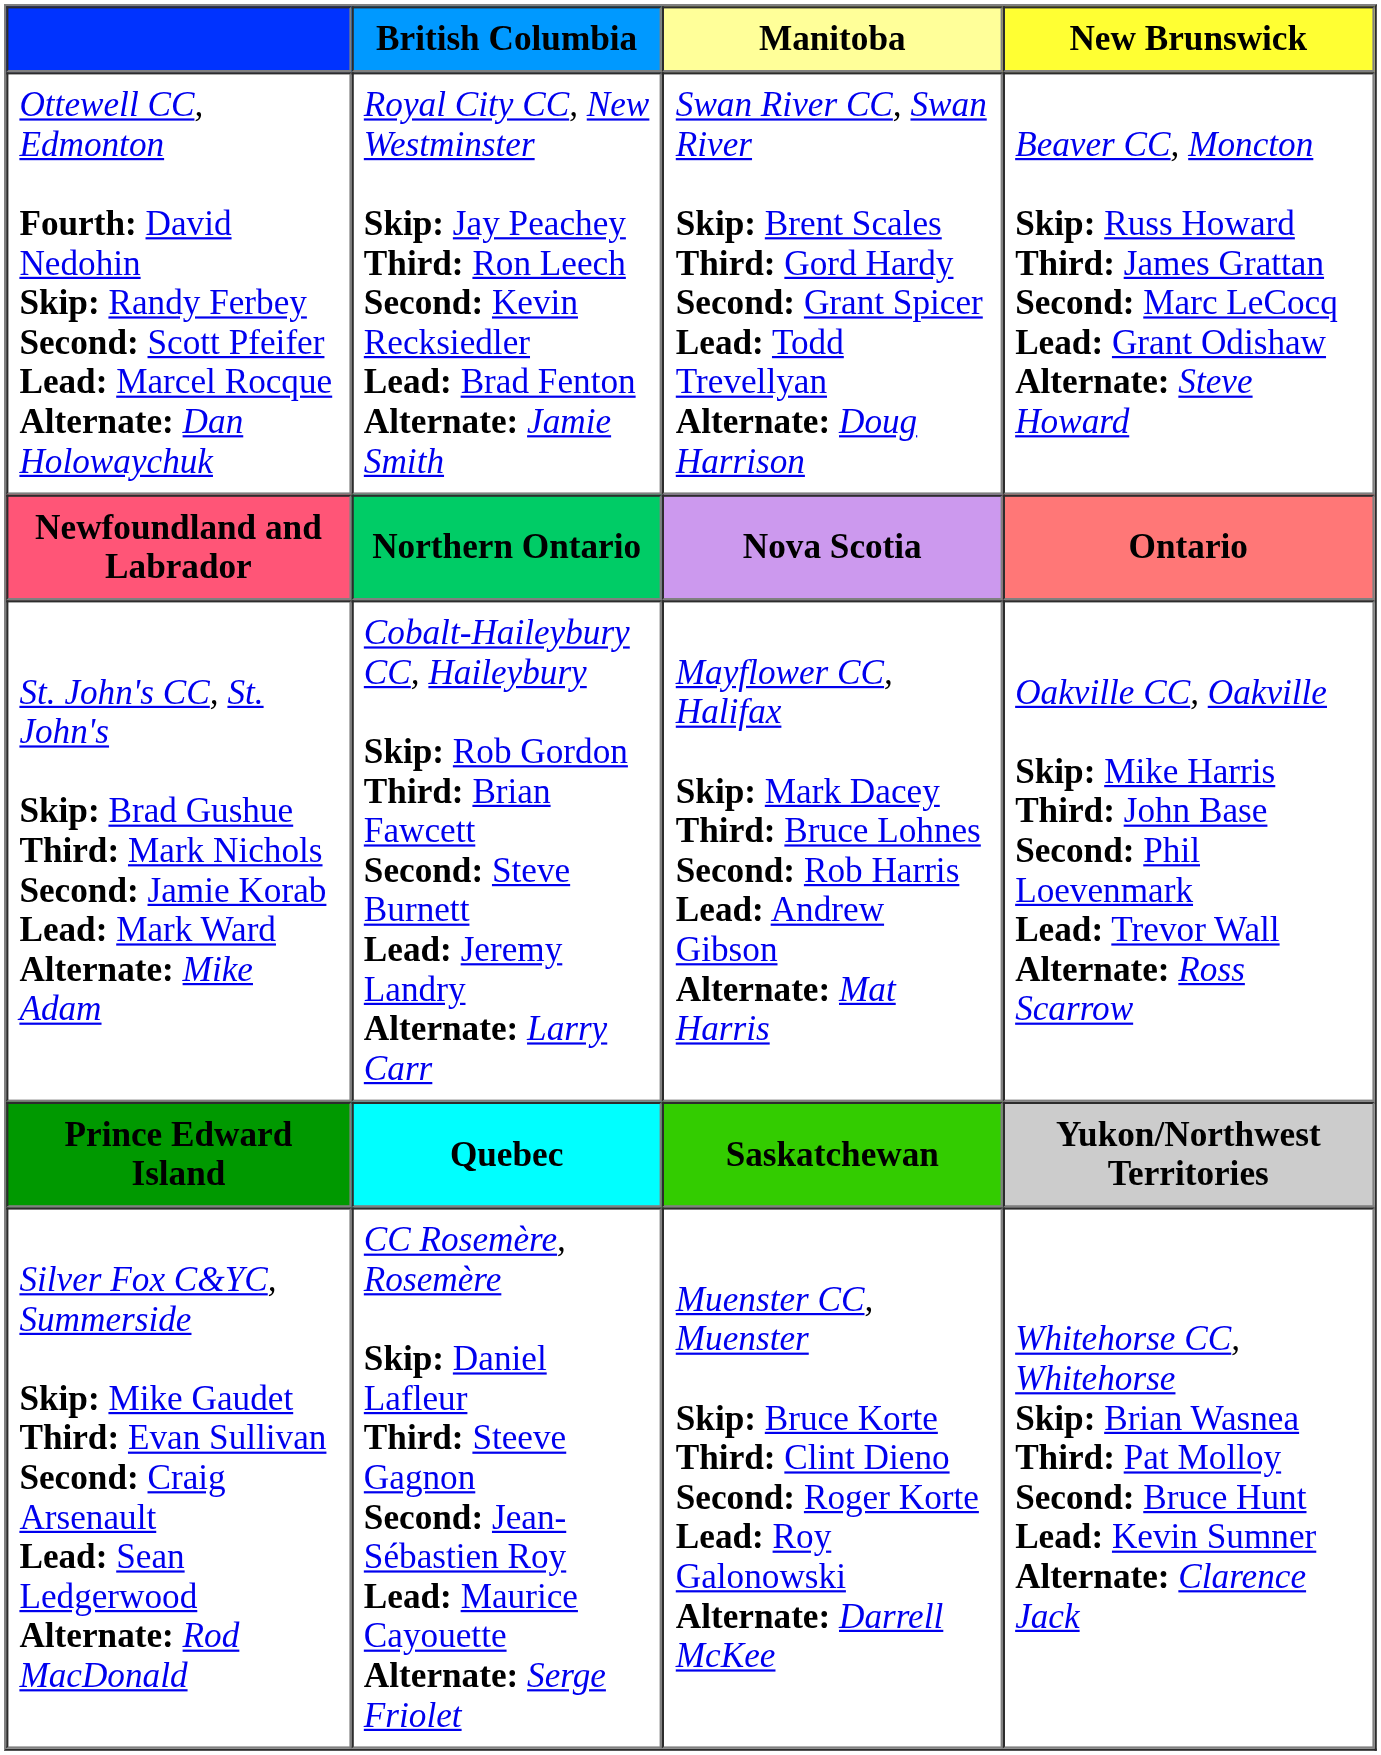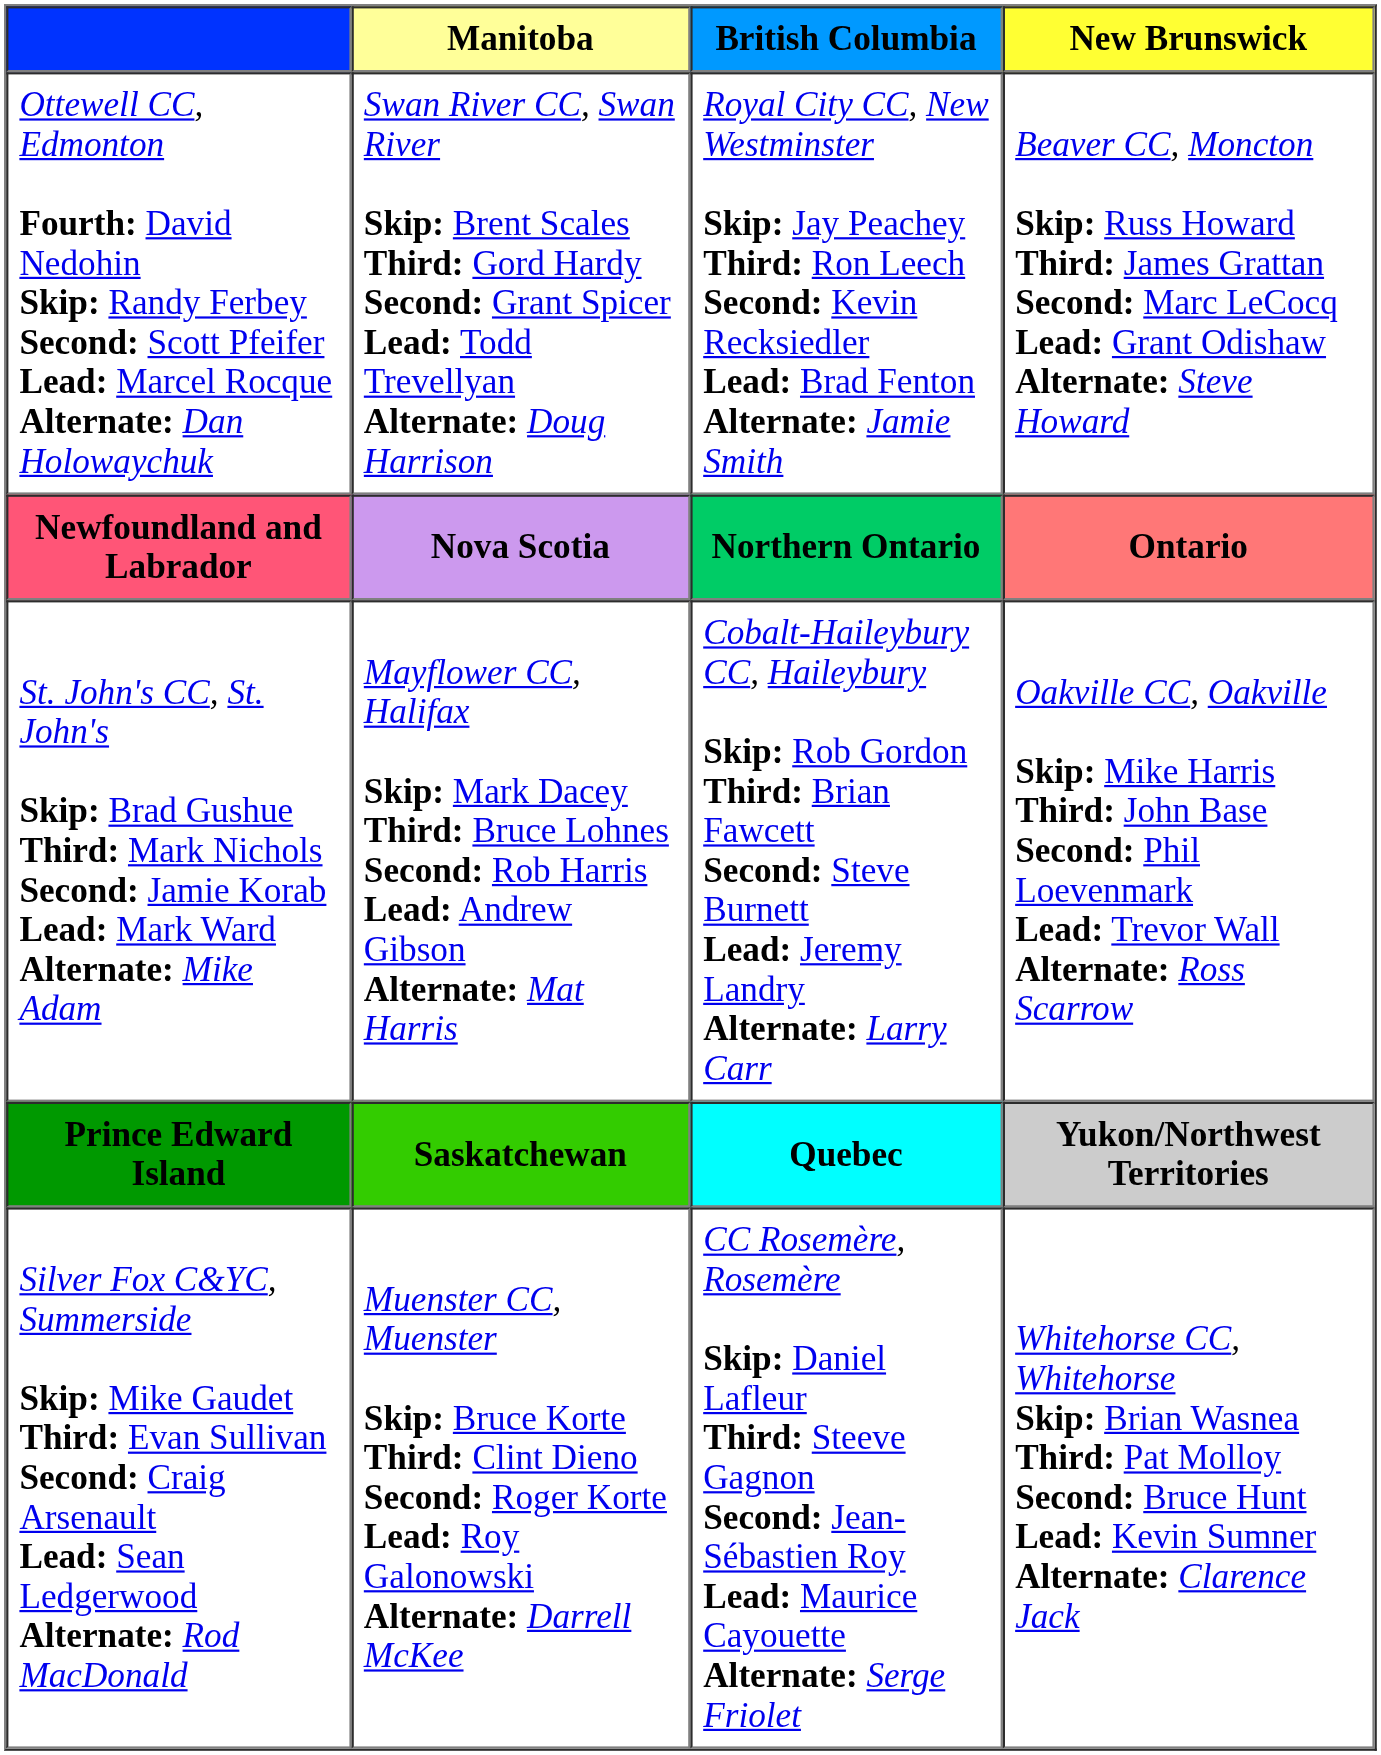 <table border=1 cellpadding=5 cellspacing=0>
 <tr>
 <th bgcolor="#0033ff" width="225"></th>
+<th bgcolor="#ffff99" width="225">Manitoba</th>
 <th bgcolor="#0099ff" width="225">British Columbia</th>
-<th bgcolor="#ffff99" width="225">Manitoba</th>
 <th bgcolor="#ffff33" width="225">New Brunswick</th>
 </tr>
 <tr align=center>
 <td align=left><em><a href='#'>Ottewell CC</a>, <a href='#'>Edmonton</a></em> <br><br><strong>Fourth:</strong> <a href='#'>David Nedohin</a> <br> <strong>Skip:</strong> <a href='#'>Randy Ferbey</a> <br> <strong>Second:</strong> <a href='#'>Scott Pfeifer</a> <br> <strong>Lead:</strong> <a href='#'>Marcel Rocque</a> <br> <strong>Alternate:</strong> <em><a href='#'>Dan Holowaychuk</a></em></td>
+<td align=left><em><a href='#'>Swan River CC</a>, <a href='#'>Swan River</a></em> <br><br><strong>Skip:</strong> <a href='#'>Brent Scales</a> <br> <strong>Third:</strong> <a href='#'>Gord Hardy</a> <br> <strong>Second:</strong> <a href='#'>Grant Spicer</a> <br> <strong>Lead:</strong> <a href='#'>Todd Trevellyan</a> <br> <strong>Alternate:</strong> <em><a href='#'>Doug Harrison</a></em></td>
 <td align=left><em><a href='#'>Royal City CC</a>, <a href='#'>New Westminster</a></em> <br><br><strong>Skip:</strong> <a href='#'>Jay Peachey</a> <br> <strong>Third:</strong> <a href='#'>Ron Leech</a> <br> <strong>Second:</strong> <a href='#'>Kevin Recksiedler</a> <br> <strong>Lead:</strong> <a href='#'>Brad Fenton</a> <br> <strong>Alternate:</strong> <em><a href='#'>Jamie Smith</a></em></td>
-<td align=left><em><a href='#'>Swan River CC</a>, <a href='#'>Swan River</a></em> <br><br><strong>Skip:</strong> <a href='#'>Brent Scales</a> <br> <strong>Third:</strong> <a href='#'>Gord Hardy</a> <br> <strong>Second:</strong> <a href='#'>Grant Spicer</a> <br> <strong>Lead:</strong> <a href='#'>Todd Trevellyan</a> <br> <strong>Alternate:</strong> <em><a href='#'>Doug Harrison</a></em></td>
 <td align=left><em><a href='#'>Beaver CC</a>, <a href='#'>Moncton</a></em> <br><br><strong>Skip:</strong> <a href='#'>Russ Howard</a> <br> <strong>Third:</strong> <a href='#'>James Grattan</a> <br> <strong>Second:</strong> <a href='#'>Marc LeCocq</a> <br> <strong>Lead:</strong> <a href='#'>Grant Odishaw</a> <br> <strong>Alternate:</strong> <em><a href='#'>Steve Howard</a></em></td>
 </tr>
 <tr border=1 cellpadding=5 cellspacing=0>
 <th bgcolor="#ff5577" width="200">Newfoundland and Labrador</th>
+<th bgcolor="#cc99ee" width="200">Nova Scotia</th>
 <th bgcolor="#00CC66" width="200">Northern Ontario</th>
-<th bgcolor="#cc99ee" width="200">Nova Scotia</th>
 <th bgcolor="#ff7777" width="200">Ontario</th>
 </tr>
 <tr align=center>
 <td align=left><em><a href='#'>St. John's CC</a>, <a href='#'>St. John's</a></em> <br><br><strong>Skip:</strong> <a href='#'>Brad Gushue</a> <br> <strong>Third:</strong> <a href='#'>Mark Nichols</a> <br> <strong>Second:</strong> <a href='#'>Jamie Korab</a> <br> <strong>Lead:</strong> <a href='#'>Mark Ward</a> <br> <strong>Alternate:</strong> <em><a href='#'>Mike Adam</a></em></td>
+<td align=left><em><a href='#'>Mayflower CC</a>, <a href='#'>Halifax</a></em> <br><br><strong>Skip:</strong> <a href='#'>Mark Dacey</a> <br> <strong>Third:</strong> <a href='#'>Bruce Lohnes</a> <br> <strong>Second:</strong> <a href='#'>Rob Harris</a> <br> <strong>Lead:</strong> <a href='#'>Andrew Gibson</a> <br> <strong>Alternate:</strong> <em><a href='#'>Mat Harris</a></em></td>
 <td align=left><em><a href='#'>Cobalt-Haileybury CC</a>, <a href='#'>Haileybury</a></em> <br><br><strong>Skip:</strong> <a href='#'>Rob Gordon</a> <br> <strong>Third:</strong> <a href='#'>Brian Fawcett</a> <br> <strong>Second:</strong> <a href='#'>Steve Burnett</a><br> <strong>Lead:</strong> <a href='#'>Jeremy Landry</a> <br> <strong>Alternate:</strong> <em><a href='#'>Larry Carr</a></em></td>
-<td align=left><em><a href='#'>Mayflower CC</a>, <a href='#'>Halifax</a></em> <br><br><strong>Skip:</strong> <a href='#'>Mark Dacey</a> <br> <strong>Third:</strong> <a href='#'>Bruce Lohnes</a> <br> <strong>Second:</strong> <a href='#'>Rob Harris</a> <br> <strong>Lead:</strong> <a href='#'>Andrew Gibson</a> <br> <strong>Alternate:</strong> <em><a href='#'>Mat Harris</a></em></td>
 <td align=left><em><a href='#'>Oakville CC</a>, <a href='#'>Oakville</a></em> <br><br><strong>Skip:</strong> <a href='#'>Mike Harris</a> <br> <strong>Third:</strong> <a href='#'>John Base</a> <br> <strong>Second:</strong> <a href='#'>Phil Loevenmark</a> <br> <strong>Lead:</strong> <a href='#'>Trevor Wall</a> <br> <strong>Alternate:</strong> <em><a href='#'>Ross Scarrow</a></em></td>
 </tr>
 <tr border=1 cellpadding=5 cellspacing=0>
 <th bgcolor="#009900" width="200">Prince Edward Island</th>
+<th bgcolor="#33cc00" width="200">Saskatchewan</th>
 <th bgcolor="#00ffff" width="200">Quebec</th>
-<th bgcolor="#33cc00" width="200">Saskatchewan</th>
 <th bgcolor="#cccccc" width="200">Yukon/Northwest Territories</th>
 </tr>
 <tr align=center>
 <td align=left><em><a href='#'>Silver Fox C&YC</a>, <a href='#'>Summerside</a></em> <br><br><strong>Skip:</strong> <a href='#'>Mike Gaudet</a> <br> <strong>Third:</strong> <a href='#'>Evan Sullivan</a> <br> <strong>Second:</strong> <a href='#'>Craig Arsenault</a> <br> <strong>Lead:</strong> <a href='#'>Sean Ledgerwood</a> <br> <strong>Alternate:</strong> <em><a href='#'>Rod MacDonald</a> </em></td>
+<td align=left><em><a href='#'>Muenster CC</a>, <a href='#'>Muenster</a></em> <br><br><strong>Skip:</strong> <a href='#'>Bruce Korte</a> <br> <strong>Third:</strong> <a href='#'>Clint Dieno</a> <br> <strong>Second:</strong> <a href='#'>Roger Korte</a> <br> <strong>Lead:</strong> <a href='#'>Roy Galonowski</a> <br> <strong>Alternate:</strong> <em><a href='#'>Darrell McKee</a></em></td>
 <td align=left><em><a href='#'>CC Rosemère</a>, <a href='#'>Rosemère</a></em> <br><br><strong>Skip:</strong> <a href='#'>Daniel Lafleur</a> <br> <strong>Third:</strong> <a href='#'>Steeve Gagnon</a> <br> <strong>Second:</strong> <a href='#'>Jean-Sébastien Roy</a> <br> <strong>Lead:</strong> <a href='#'>Maurice Cayouette</a> <br> <strong>Alternate:</strong> <em><a href='#'>Serge Friolet</a></em></td>
-<td align=left><em><a href='#'>Muenster CC</a>, <a href='#'>Muenster</a></em> <br><br><strong>Skip:</strong> <a href='#'>Bruce Korte</a> <br> <strong>Third:</strong> <a href='#'>Clint Dieno</a> <br> <strong>Second:</strong> <a href='#'>Roger Korte</a> <br> <strong>Lead:</strong> <a href='#'>Roy Galonowski</a> <br> <strong>Alternate:</strong> <em><a href='#'>Darrell McKee</a></em></td>
 <td align=left><em><a href='#'>Whitehorse CC</a>, <a href='#'>Whitehorse</a></em><br><strong>Skip:</strong> <a href='#'>Brian Wasnea</a> <br> <strong>Third:</strong> <a href='#'>Pat Molloy</a> <br> <strong>Second:</strong> <a href='#'>Bruce Hunt</a> <br> <strong>Lead:</strong> <a href='#'>Kevin Sumner</a> <br> <strong>Alternate:</strong> <em><a href='#'>Clarence Jack</a></em></td>
 </tr>
 </table>
